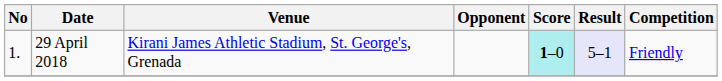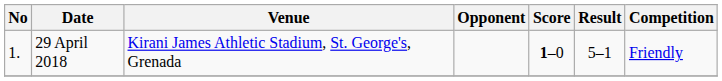 <table class="wikitable" style="font-size:85%;">
 <tr>
 <th>No</th>
 <th>Date</th>
 <th>Venue</th>
 <th>Opponent</th>
 <th>Score</th>
 <th>Result</th>
 <th>Competition</th>
 </tr>
 <tr>
 <td>1.</td>
 <td>29 April 2018</td>
 <td><a href='#'>Kirani James Athletic Stadium</a>, <a href='#'>St. George's</a>, Grenada</td>
 <td></td>
-<td align=center style="background: paleturquoise;"><strong>1</strong>–0</td>
-<td align=center style="background: lavender;">5–1</td>
+<td align=center><strong>1</strong>–0</td>
+<td align=center>5–1</td>
 <td><a href='#'>Friendly</a></td>
 </tr>
 <tr>
 </tr>
 </table>
